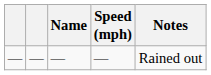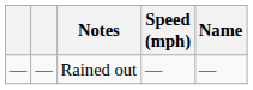 <table class="wikitable" style="font-size: 95%;">
 <tr>
 <th></th>
 <th></th>
+<th>Notes</th>
+<th>Speed<br>(mph)</th>
 <th>Name</th>
-<th>Speed<br>(mph)</th>
-<th>Notes</th>
 </tr>
 <tr>
 <td align="center">—</td>
 <td>—</td>
+<td>Rained out</td>
 <td>—</td>
 <td>—</td>
-<td>Rained out</td>
 </tr>
 </table>
